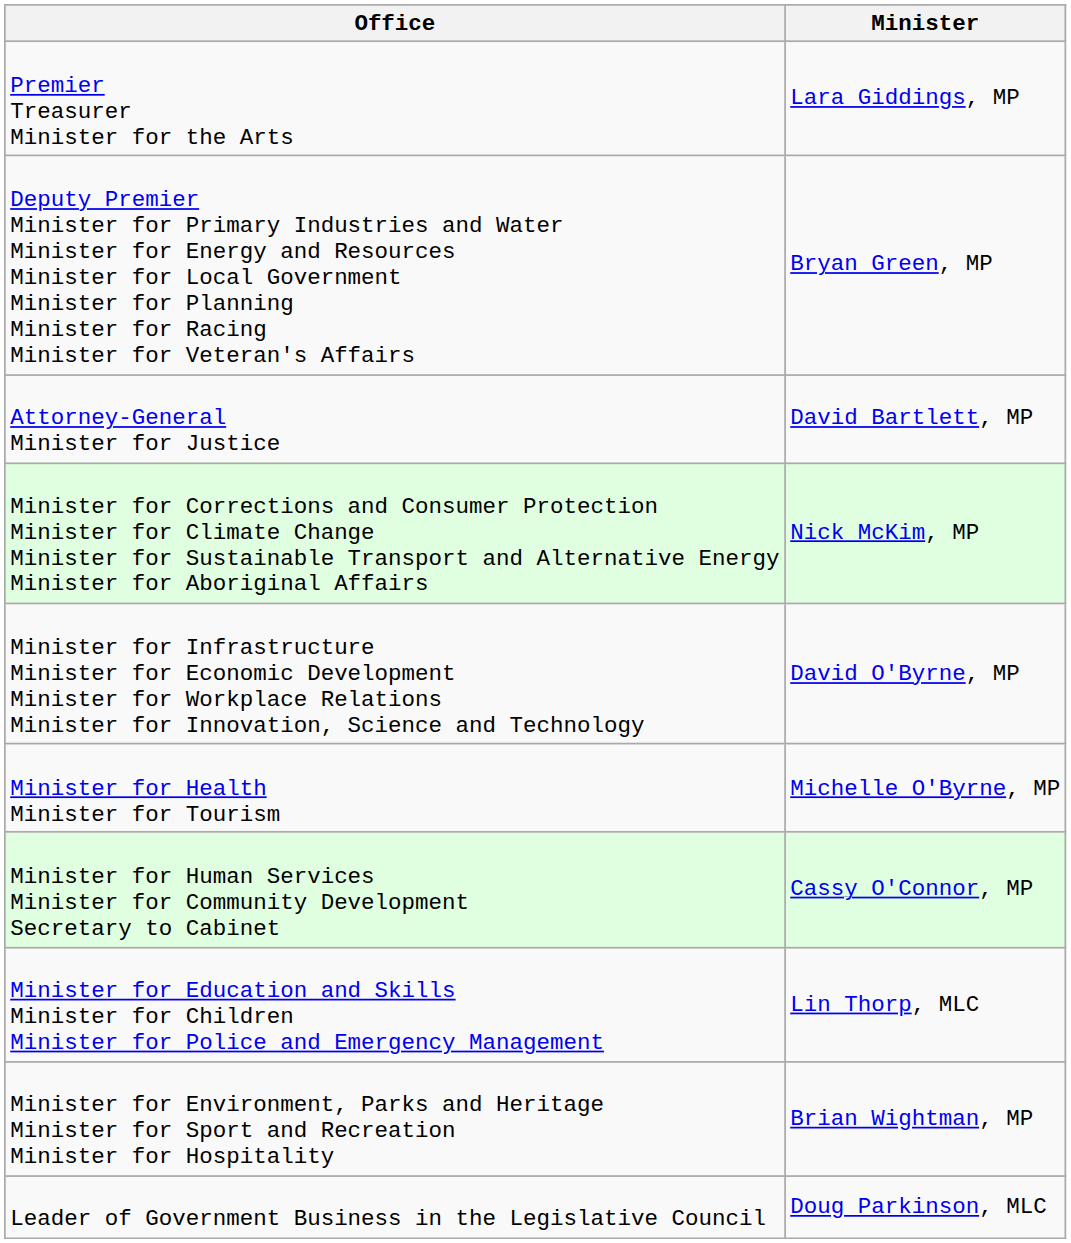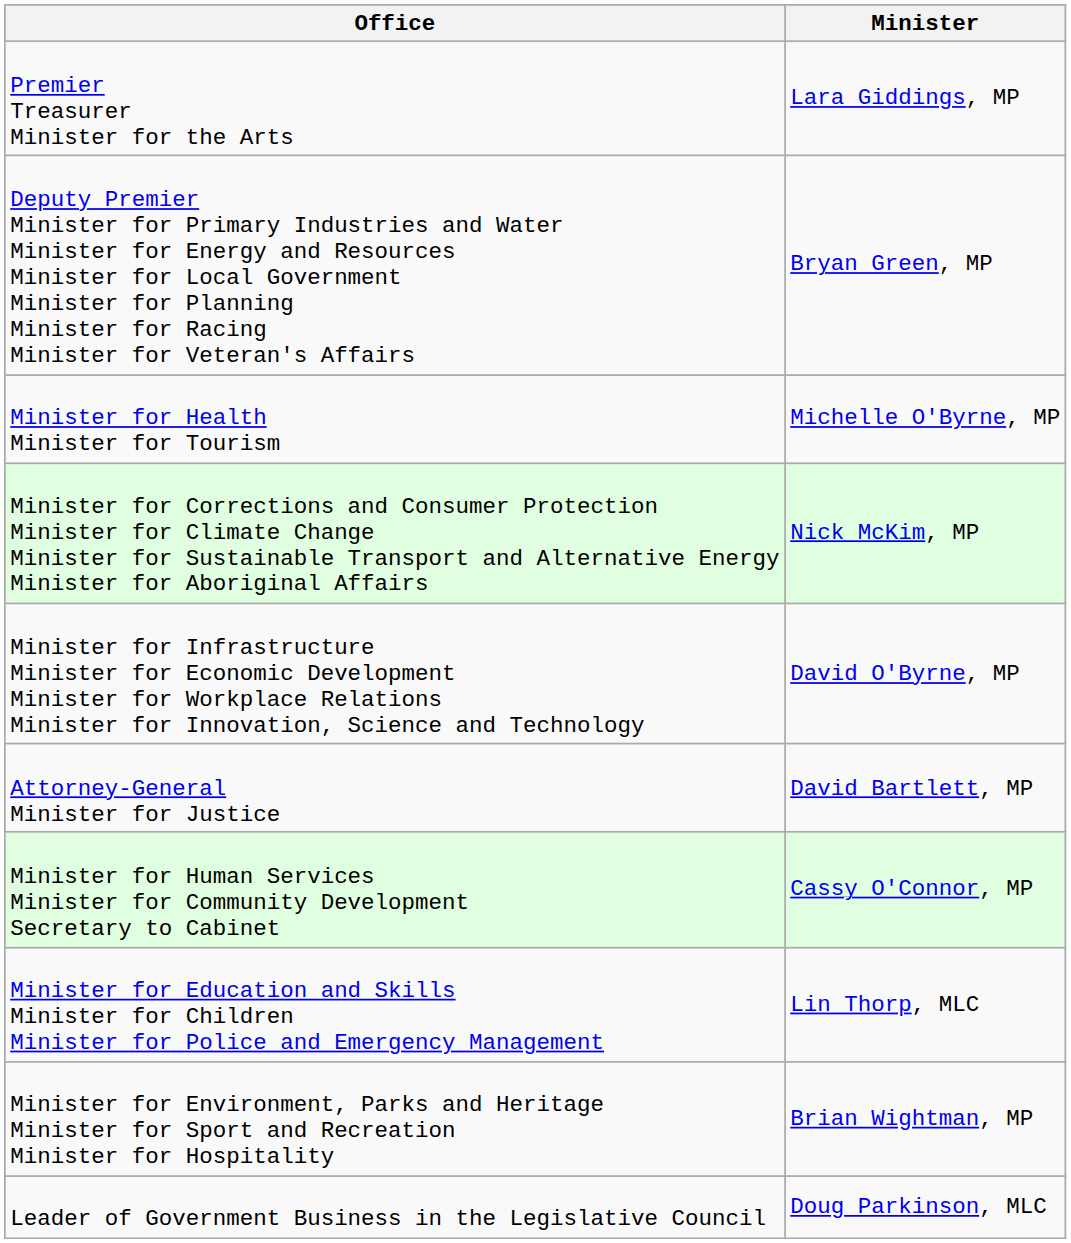 <table class="wikitable">
 <tr>
 <th>Office</th>
 <th>Minister</th>
 </tr>
 <tr>
 <td><br><a href='#'>Premier</a><br> Treasurer<br> Minister for the Arts</td>
 <td><a href='#'>Lara Giddings</a>, MP</td>
 </tr>
 <tr>
 <td><br><a href='#'>Deputy Premier</a><br> Minister for Primary Industries and Water<br> Minister for Energy and Resources<br> Minister for Local Government<br> Minister for Planning<br> Minister for Racing<br> Minister for Veteran's Affairs</td>
 <td><a href='#'>Bryan Green</a>, MP</td>
 </tr>
 <tr>
-<td><br><a href='#'>Attorney-General</a><br> Minister for Justice</td>
-<td><a href='#'>David Bartlett</a>, MP</td>
+<td><br><a href='#'>Minister for Health</a><br> Minister for Tourism<br></td>
+<td><a href='#'>Michelle O'Byrne</a>, MP</td>
 </tr>
 <tr bgcolor="#e0ffe0">
 <td><br>Minister for Corrections and Consumer Protection<br> Minister for Climate Change<br> Minister for Sustainable Transport and Alternative Energy<br> Minister for Aboriginal Affairs</td>
 <td><a href='#'>Nick McKim</a>, MP</td>
 </tr>
 <tr>
 <td><br>Minister for Infrastructure<br> Minister for Economic Development<br> Minister for Workplace Relations<br> Minister for Innovation, Science and Technology<br></td>
 <td><a href='#'>David O'Byrne</a>, MP</td>
 </tr>
 <tr>
-<td><br><a href='#'>Minister for Health</a><br> Minister for Tourism<br></td>
-<td><a href='#'>Michelle O'Byrne</a>, MP</td>
+<td><br><a href='#'>Attorney-General</a><br> Minister for Justice</td>
+<td><a href='#'>David Bartlett</a>, MP</td>
 </tr>
 <tr bgcolor="#e0ffe0">
 <td><br>Minister for Human Services<br> Minister for Community Development<br> Secretary to Cabinet</td>
 <td><a href='#'>Cassy O'Connor</a>, MP</td>
 </tr>
 <tr>
 <td><br><a href='#'>Minister for Education and Skills</a><br> Minister for Children<br> <a href='#'>Minister for Police and Emergency Management</a><br></td>
 <td><a href='#'>Lin Thorp</a>, MLC</td>
 </tr>
 <tr>
 <td><br>Minister for Environment, Parks and Heritage<br> Minister for Sport and Recreation<br> Minister for Hospitality</td>
 <td><a href='#'>Brian Wightman</a>, MP</td>
 </tr>
 <tr>
 <td><br>Leader of Government Business in the Legislative Council</td>
 <td><a href='#'>Doug Parkinson</a>, MLC</td>
 </tr>
 </table>
